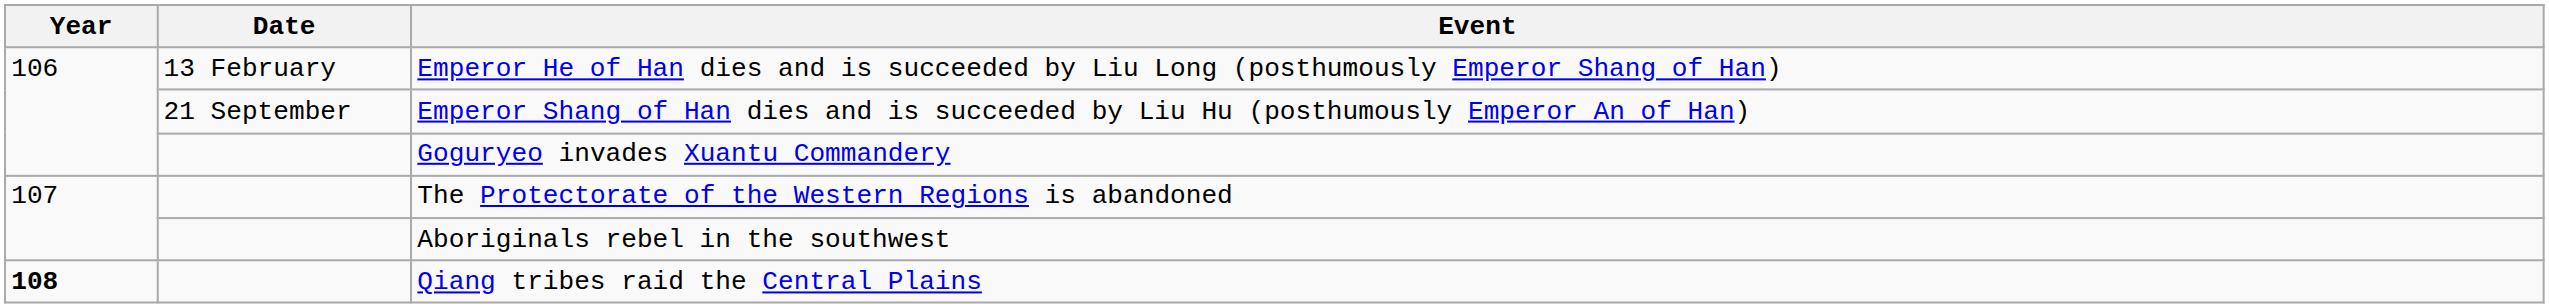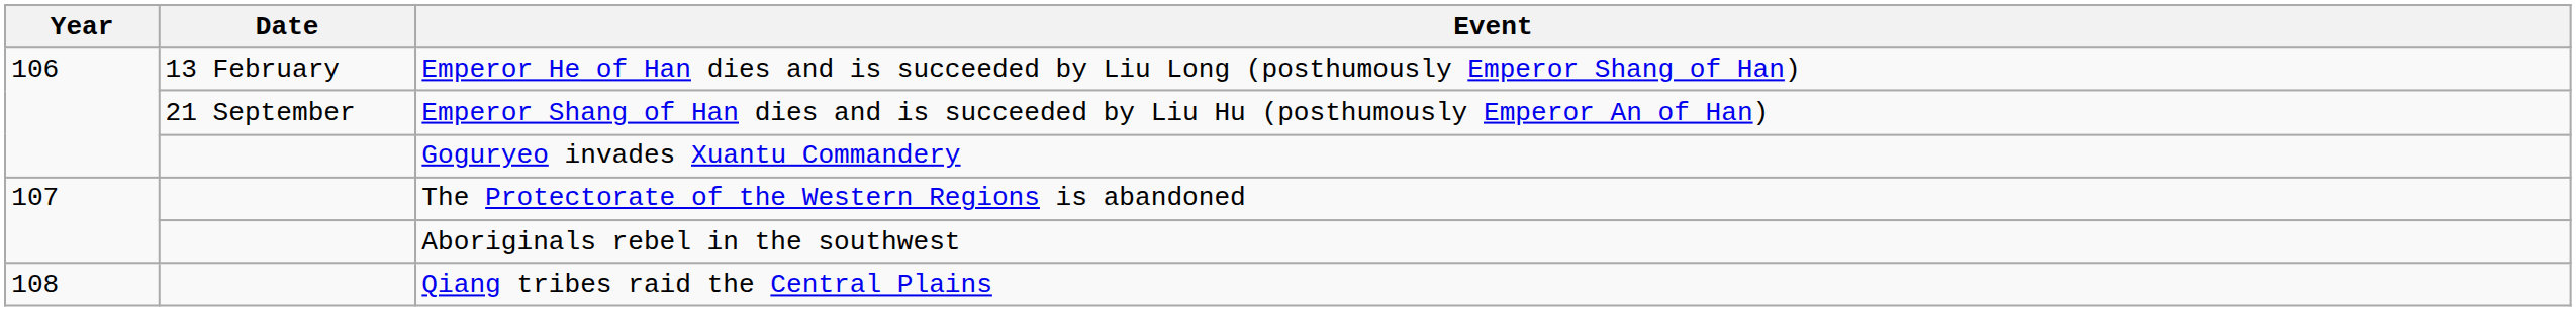 <table class="wikitable" style="width:100%;">
 <tr>
 <th style="width:6%">Year</th>
 <th style="width:10%">Date</th>
 <th>Event</th>
 </tr>
 <tr>
 <td rowspan="3" style="vertical-align:top;">106</td>
 <td>13 February</td>
 <td><a href='#'>Emperor He of Han</a> dies and is succeeded by Liu Long (posthumously <a href='#'>Emperor Shang of Han</a>)</td>
 </tr>
 <tr>
 <td>21 September</td>
 <td><a href='#'>Emperor Shang of Han</a> dies and is succeeded by Liu Hu (posthumously <a href='#'>Emperor An of Han</a>)</td>
 </tr>
 <tr>
 <td></td>
 <td><a href='#'>Goguryeo</a> invades <a href='#'>Xuantu Commandery</a></td>
 </tr>
 <tr>
 <td rowspan="2" style="vertical-align:top;">107</td>
 <td></td>
 <td>The <a href='#'>Protectorate of the Western Regions</a> is abandoned</td>
 </tr>
 <tr>
 <td></td>
 <td>Aboriginals rebel in the southwest</td>
 </tr>
 <tr>
-<td><strong>108</strong></td>
+<td>108</td>
 <td></td>
 <td><a href='#'>Qiang</a> tribes raid the <a href='#'>Central Plains</a></td>
 </tr>
 </table>
